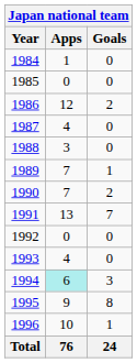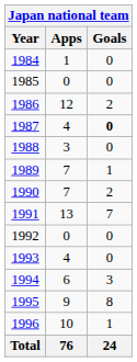 <table class="wikitable" style="text-align:center">
 <tr>
 <th colspan=3><a href='#'>Japan national team</a></th>
 </tr>
 <tr>
 <th>Year</th>
 <th>Apps</th>
 <th>Goals</th>
 </tr>
 <tr>
 <td><a href='#'>1984</a></td>
 <td>1</td>
 <td>0</td>
 </tr>
 <tr>
 <td>1985</td>
 <td>0</td>
 <td>0</td>
 </tr>
 <tr>
 <td><a href='#'>1986</a></td>
 <td>12</td>
 <td>2</td>
 </tr>
 <tr>
 <td><a href='#'>1987</a></td>
 <td>4</td>
-<td>0</td>
+<td><strong>0</strong></td>
 </tr>
 <tr>
 <td><a href='#'>1988</a></td>
 <td>3</td>
 <td>0</td>
 </tr>
 <tr>
 <td><a href='#'>1989</a></td>
 <td>7</td>
 <td>1</td>
 </tr>
 <tr>
 <td><a href='#'>1990</a></td>
 <td>7</td>
 <td>2</td>
 </tr>
 <tr>
 <td><a href='#'>1991</a></td>
 <td>13</td>
 <td>7</td>
 </tr>
 <tr>
 <td>1992</td>
 <td>0</td>
 <td>0</td>
 </tr>
 <tr>
 <td><a href='#'>1993</a></td>
 <td>4</td>
 <td>0</td>
 </tr>
 <tr>
 <td><a href='#'>1994</a></td>
-<td style="background: paleturquoise;">6</td>
+<td>6</td>
 <td>3</td>
 </tr>
 <tr>
 <td><a href='#'>1995</a></td>
 <td>9</td>
 <td>8</td>
 </tr>
 <tr>
 <td><a href='#'>1996</a></td>
 <td>10</td>
 <td>1</td>
 </tr>
 <tr>
 <th>Total</th>
 <th>76</th>
 <th>24</th>
 </tr>
 </table>
